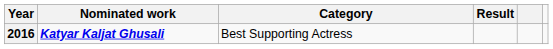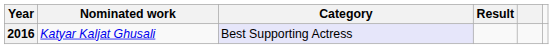 <table class="wikitable plainrowheaders" style="width:80%;">
 <tr>
 <th scope="col" style="width:4%;">Year</th>
 <th scope="col" style="width:35%;">Nominated work</th>
 <th scope="col" style="width:50%;">Category</th>
 <th scope="col" style="width:6%;">Result</th>
 <th scope="col" style="width:6%;"></th>
 </tr>
 <tr>
 <th scope="row">2016</th>
-<td><strong><em><a href='#'>Katyar Kaljat Ghusali</a></em></strong></td>
-<td>Best Supporting Actress</td>
+<td><em><a href='#'>Katyar Kaljat Ghusali</a></em></td>
+<td style="background: lavender;">Best Supporting Actress</td>
 <td></td>
 <td></td>
 <td style="text-align:center;"></td>
 </tr>
 </table>
